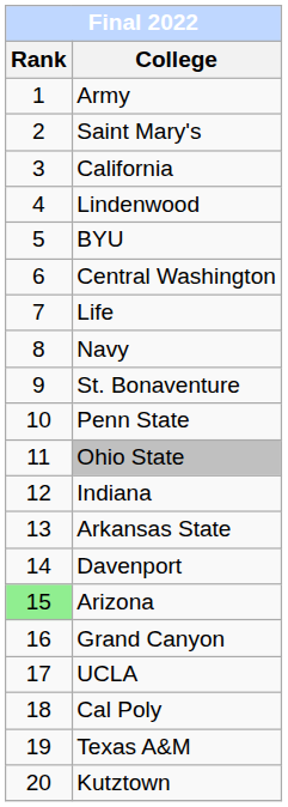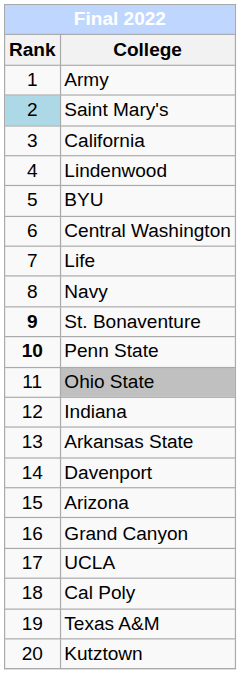 <table class="wikitable sortable collapsible collapsed">
 <tr>
 <th colspan=2 style="background:#BFD7FF; color:white;">Final 2022</th>
 </tr>
 <tr>
 <th>Rank</th>
 <th>College</th>
 </tr>
 <tr>
 <td align="center ">1</td>
 <td>Army</td>
 </tr>
 <tr>
-<td align="center ">2</td>
+<td align="center " style="background: lightblue;">2</td>
 <td>Saint Mary's</td>
 </tr>
 <tr>
 <td align="center ">3</td>
 <td>California</td>
 </tr>
 <tr>
 <td align="center ">4</td>
 <td>Lindenwood</td>
 </tr>
 <tr>
 <td align="center ">5</td>
 <td>BYU</td>
 </tr>
 <tr>
 <td align="center ">6</td>
 <td>Central Washington</td>
 </tr>
 <tr>
 <td align="center ">7</td>
 <td>Life</td>
 </tr>
 <tr>
 <td align="center ">8</td>
 <td>Navy</td>
 </tr>
 <tr>
-<td align="center ">9</td>
+<td align="center "><strong>9</strong></td>
 <td>St. Bonaventure</td>
 </tr>
 <tr>
-<td align="center ">10</td>
+<td align="center "><strong>10</strong></td>
 <td>Penn State</td>
 </tr>
 <tr>
 <td align="center ">11</td>
 <td style="background:silver">Ohio State</td>
 </tr>
 <tr>
 <td align="center ">12</td>
 <td>Indiana</td>
 </tr>
 <tr>
 <td align="center ">13</td>
 <td>Arkansas State</td>
 </tr>
 <tr>
 <td align="center ">14</td>
 <td>Davenport</td>
 </tr>
 <tr>
-<td align="center " style="background: lightgreen;">15</td>
+<td align="center ">15</td>
 <td>Arizona</td>
 </tr>
 <tr>
 <td align="center ">16</td>
 <td>Grand Canyon</td>
 </tr>
 <tr>
 <td align="center ">17</td>
 <td>UCLA</td>
 </tr>
 <tr>
 <td align="center ">18</td>
 <td>Cal Poly</td>
 </tr>
 <tr>
 <td align="center ">19</td>
 <td>Texas A&M</td>
 </tr>
 <tr>
 <td align="center ">20</td>
 <td>Kutztown</td>
 </tr>
 <tr>
 </tr>
 </table>
